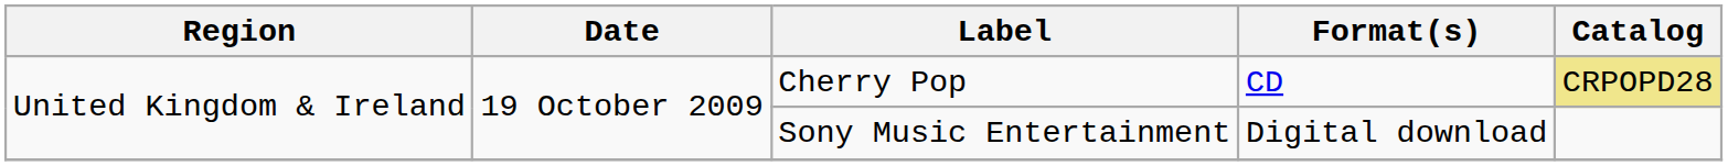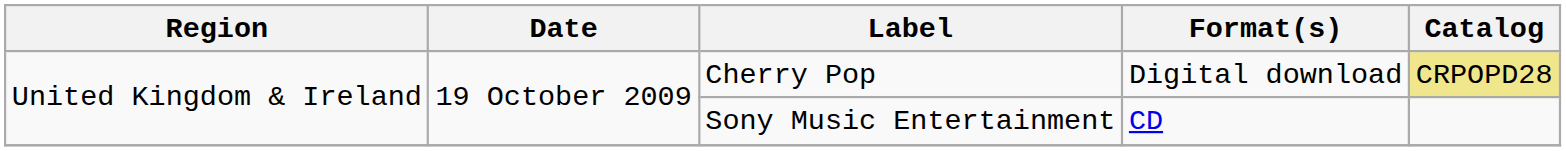 <table class="wikitable">
 <tr>
 <th>Region</th>
 <th>Date</th>
 <th>Label</th>
 <th>Format(s)</th>
 <th>Catalog</th>
 </tr>
 <tr>
 <td rowspan="2">United Kingdom & Ireland</td>
 <td rowspan="2">19 October 2009</td>
 <td>Cherry Pop</td>
-<td><a href='#'>CD</a></td>
+<td>Digital download</td>
 <td style="background: khaki;">CRPOPD28</td>
 </tr>
 <tr>
 <td>Sony Music Entertainment</td>
-<td>Digital download</td>
+<td><a href='#'>CD</a></td>
 <td></td>
 </tr>
 <tr>
 </tr>
 </table>
